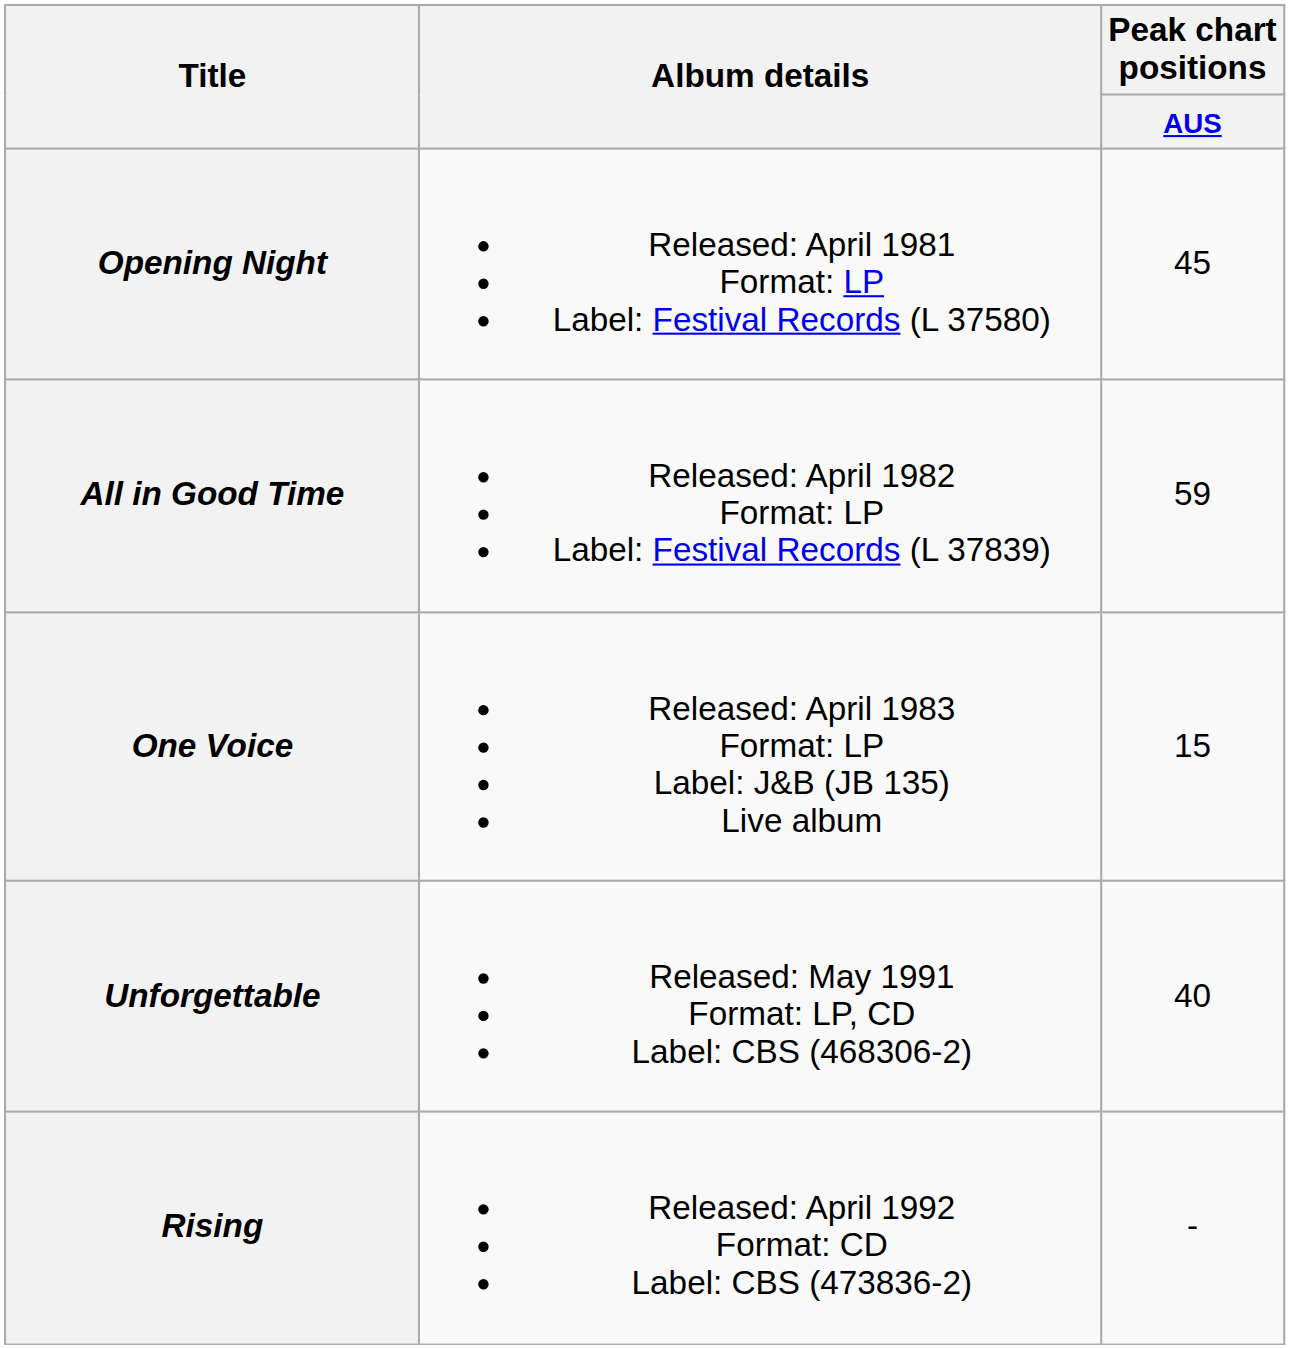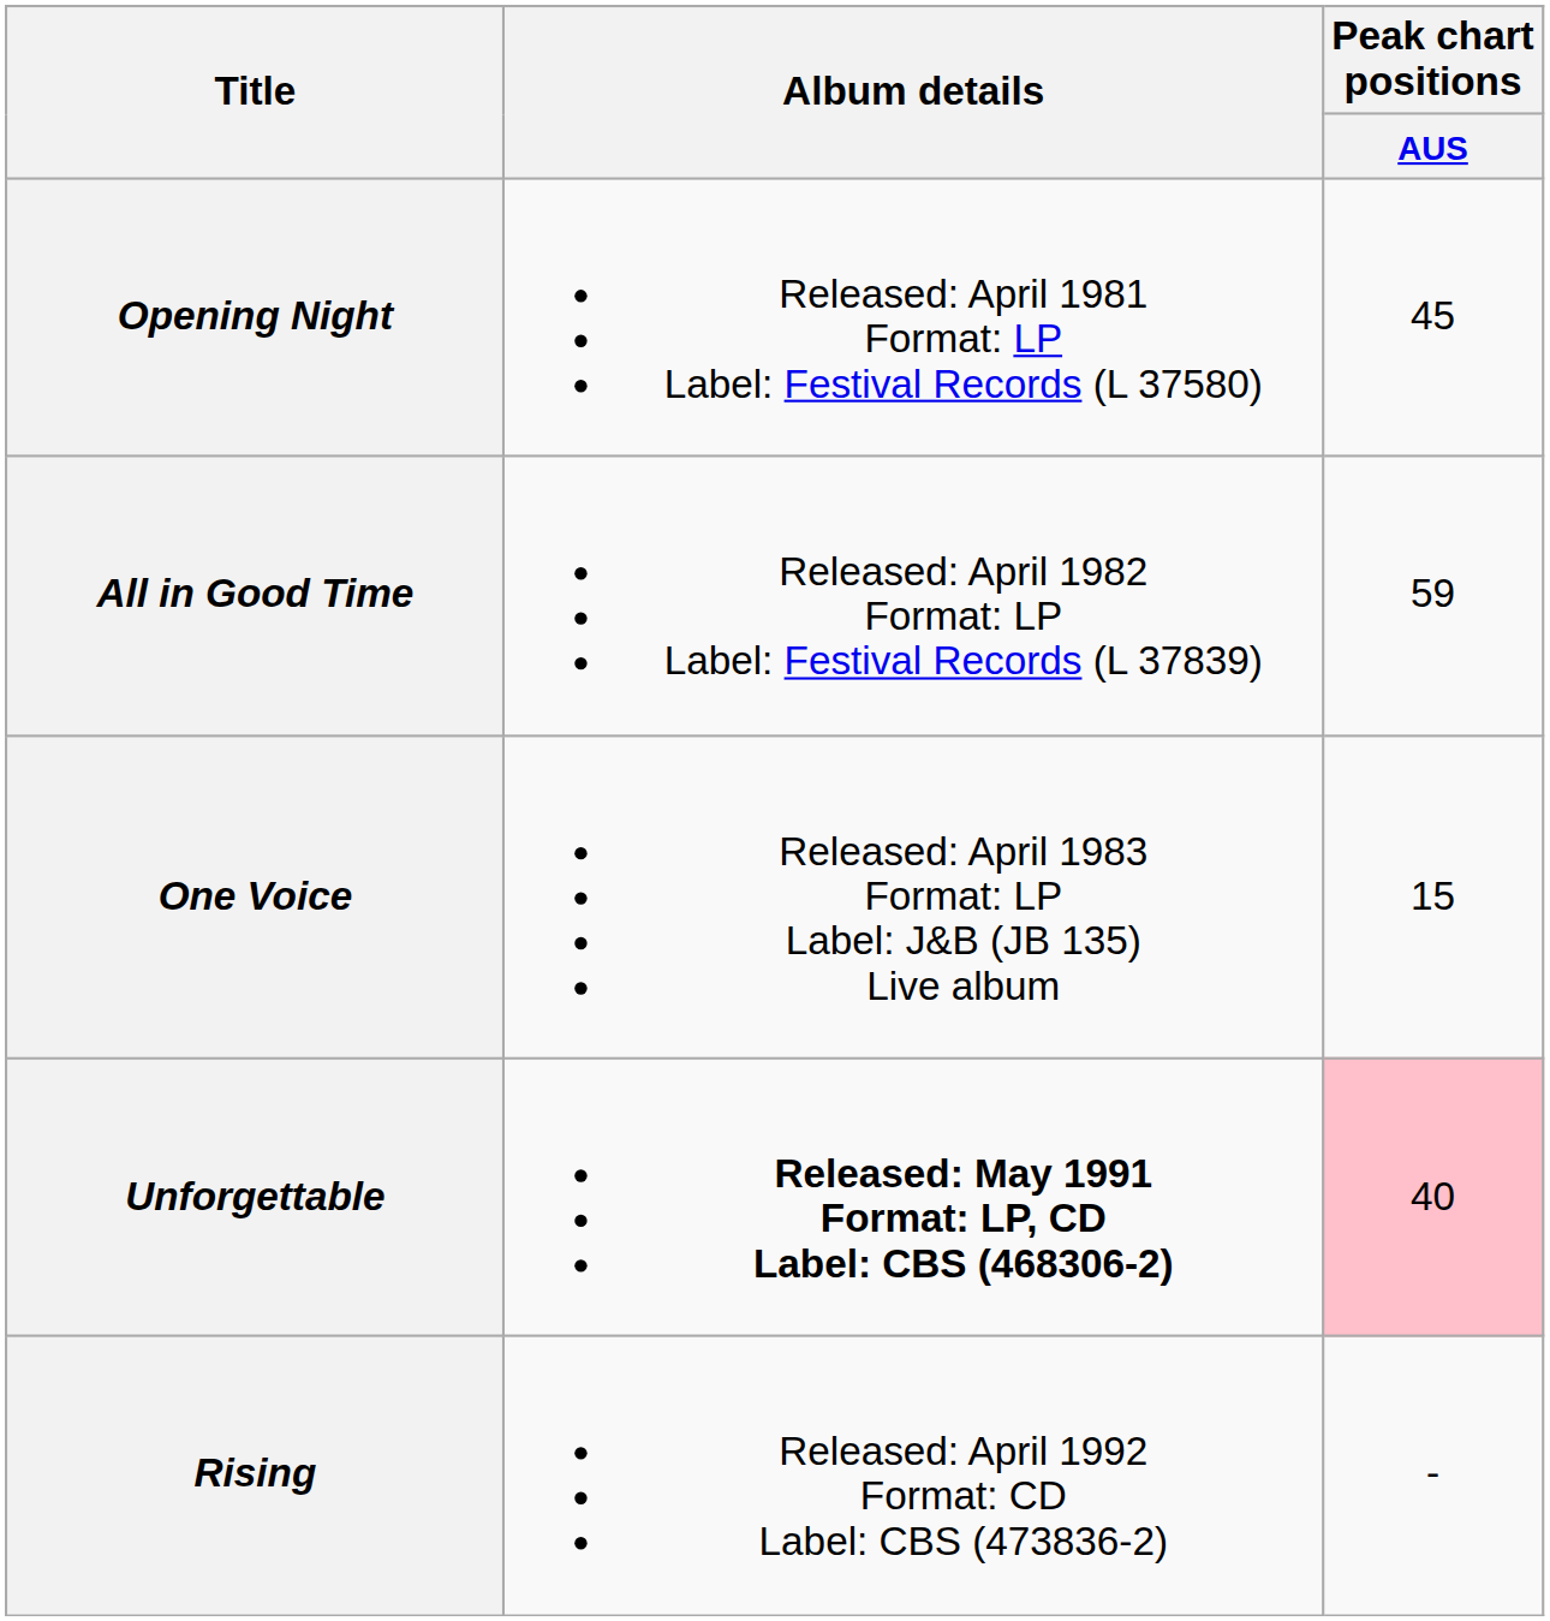 <table class="wikitable plainrowheaders" style="text-align:center;" border="1">
 <tr>
 <th scope="col" rowspan="2" style="width:12em;">Title</th>
 <th scope="col" rowspan="2" style="width:20em;">Album details</th>
 <th scope="col" colspan="1">Peak chart<br>positions</th>
 </tr>
 <tr>
 <th scope="col" style="text-align:center;"><small><a href='#'>AUS</a></small><br></th>
 </tr>
 <tr>
 <th scope="row"><em>Opening Night </em></th>
 <td><br><ul><li>Released: April 1981</li><li>Format: <a href='#'>LP</a></li><li>Label: <a href='#'>Festival Records</a> (L 37580)</li></ul></td>
 <td align="center">45</td>
 </tr>
 <tr>
 <th scope="row"><em>All in Good Time</em></th>
 <td><br><ul><li>Released: April 1982</li><li>Format: LP</li><li>Label: <a href='#'>Festival Records</a> (L 37839)</li></ul></td>
 <td align="center">59</td>
 </tr>
 <tr>
 <th scope="row"><em>One Voice</em></th>
 <td><br><ul><li>Released: April 1983</li><li>Format: LP</li><li>Label: J&B (JB 135)</li><li>Live album</li></ul></td>
 <td align="center">15</td>
 </tr>
 <tr>
 <th scope="row"><em>Unforgettable</em></th>
-<td><br><ul><li>Released: May 1991</li><li>Format: LP, CD</li><li>Label: CBS (468306-2)</li></ul></td>
-<td align="center">40</td>
+<td><strong><br><ul><li>Released: May 1991</li><li>Format: LP, CD</li><li>Label: CBS (468306-2)</li></ul></strong></td>
+<td align="center" style="background: pink;">40</td>
 </tr>
 <tr>
 <th scope="row"><em>Rising</em></th>
 <td><br><ul><li>Released: April 1992</li><li>Format: CD</li><li>Label: CBS (473836-2)</li></ul></td>
 <td align="center">-</td>
 </tr>
 </table>
